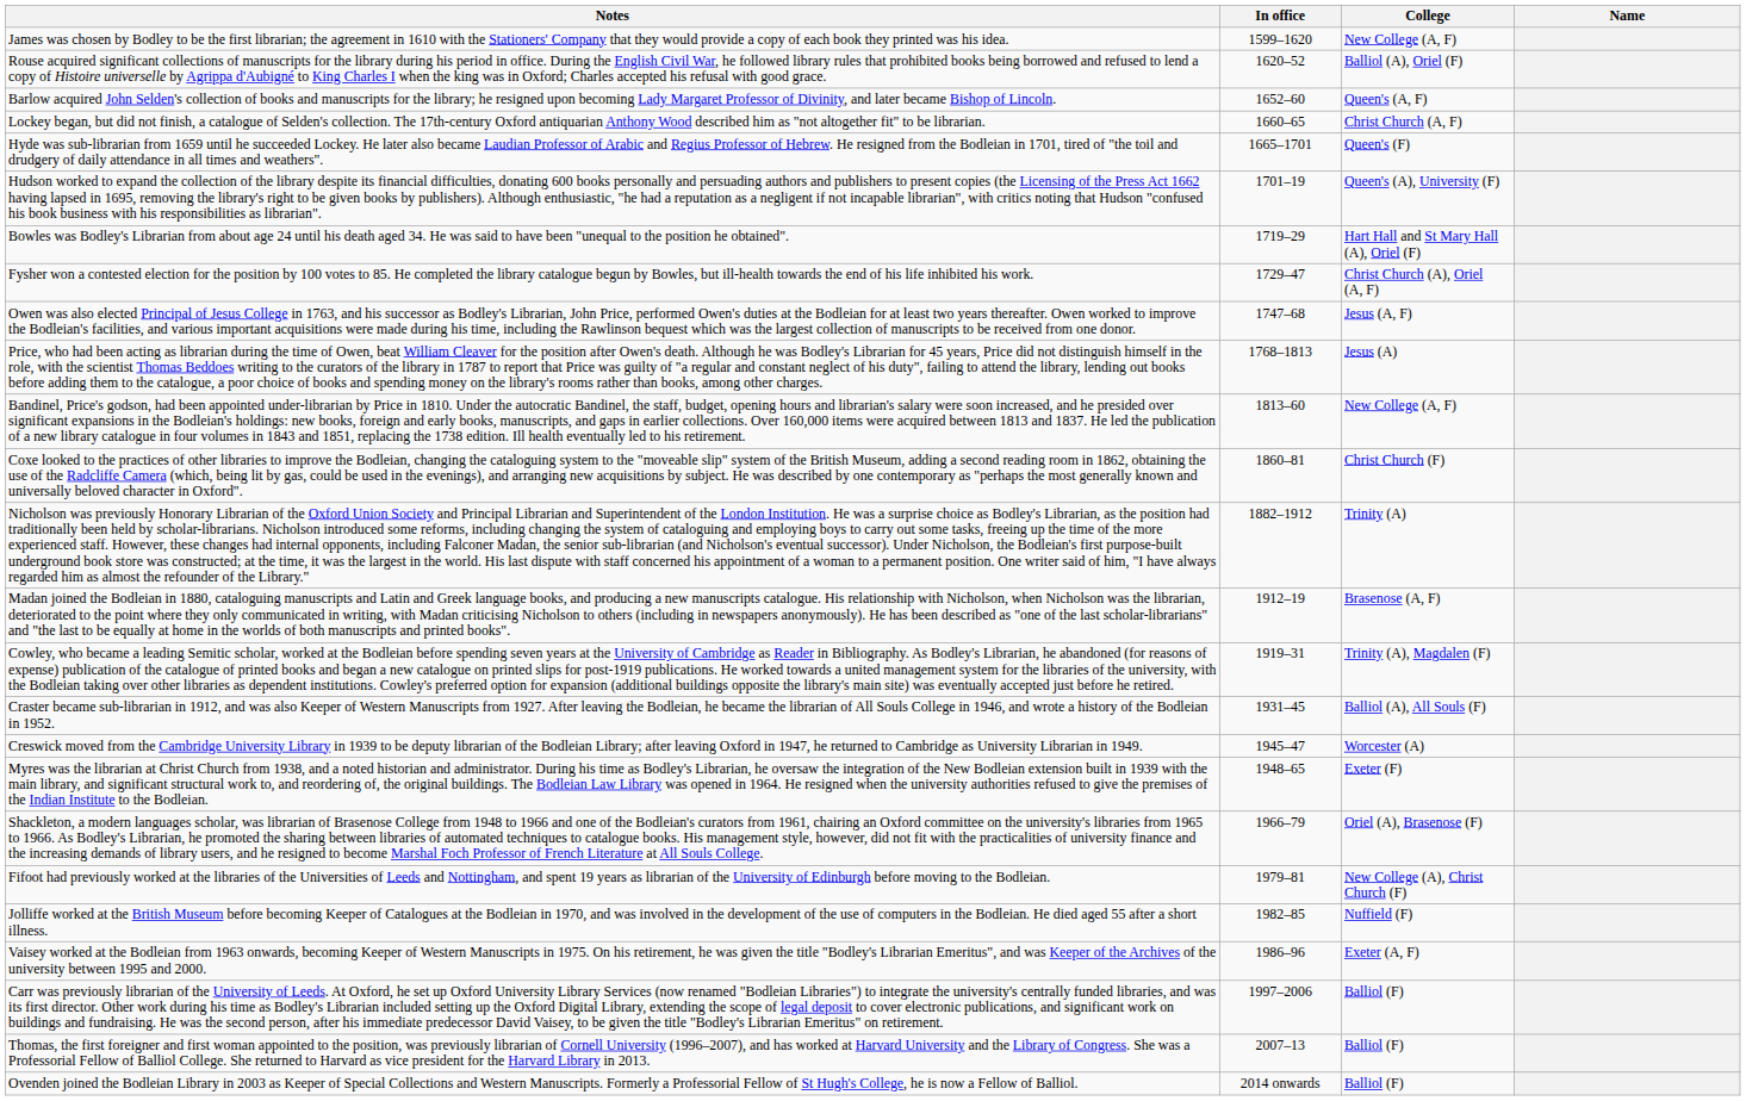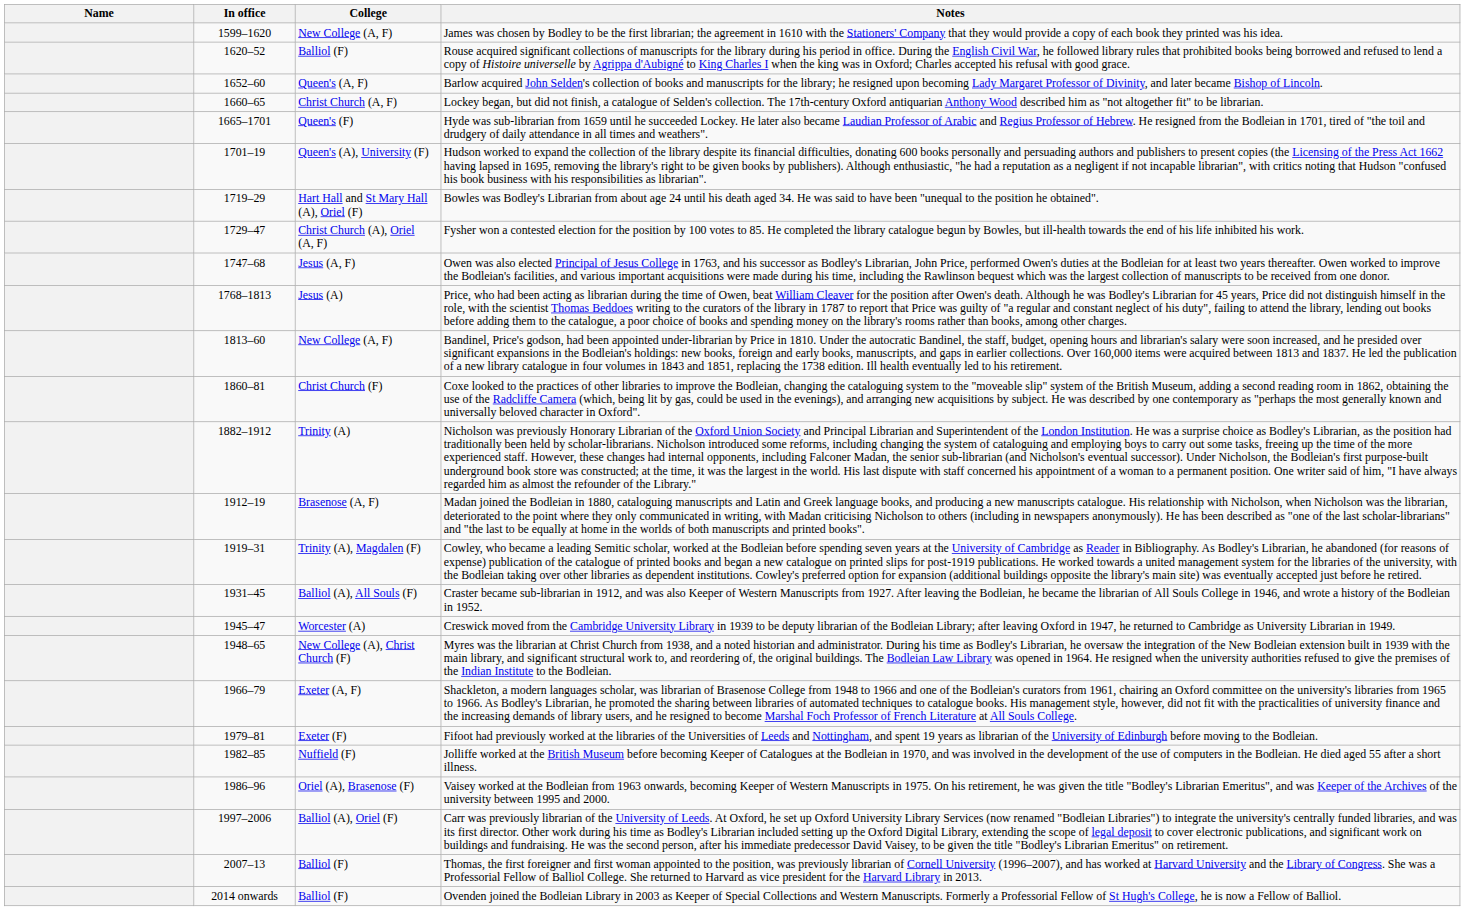 <table class="wikitable sortable plainrowheaders">
 <tr>
-<th scope="col" class="unsortable">Notes</th>
+<th scope="col" width=13%>Name</th>
 <th scope="col" width=7%>In office</th>
 <th scope="col" width=10%>College</th>
-<th scope="col" width=13%>Name</th>
+<th scope="col" class="unsortable">Notes</th>
 </tr>
 <tr valign="top">
-<td>James was chosen by Bodley to be the first librarian; the agreement in 1610 with the <a href='#'>Stationers' Company</a> that they would provide a copy of each book they printed was his idea.</td>
+<th scope="row"></th>
 <td align="center">1599–1620</td>
 <td><a href='#'>New College</a> (A, F)</td>
-<th scope="row"></th>
+<td>James was chosen by Bodley to be the first librarian; the agreement in 1610 with the <a href='#'>Stationers' Company</a> that they would provide a copy of each book they printed was his idea.</td>
 </tr>
 <tr valign="top">
+<th scope="row"></th>
+<td align="center">1620–52</td>
+<td><a href='#'>Balliol</a> (F)</td>
 <td>Rouse acquired significant collections of manuscripts for the library during his period in office. During the <a href='#'>English Civil War</a>, he followed library rules that prohibited books being borrowed and refused to lend a copy of <em>Histoire universelle</em> by <a href='#'>Agrippa d'Aubigné</a> to <a href='#'>King Charles I</a> when the king was in Oxford; Charles accepted his refusal with good grace.</td>
-<td align="center">1620–52</td>
-<td><a href='#'>Balliol</a> (A), <a href='#'>Oriel</a> (F)</td>
-<th scope="row"></th>
 </tr>
 <tr valign="top">
-<td>Barlow acquired <a href='#'>John Selden</a>'s collection of books and manuscripts for the library; he resigned upon becoming <a href='#'>Lady Margaret Professor of Divinity</a>, and later became <a href='#'>Bishop of Lincoln</a>.</td>
+<th scope="row"></th>
 <td align="center">1652–60</td>
 <td><a href='#'>Queen's</a> (A, F)</td>
-<th scope="row"></th>
+<td>Barlow acquired <a href='#'>John Selden</a>'s collection of books and manuscripts for the library; he resigned upon becoming <a href='#'>Lady Margaret Professor of Divinity</a>, and later became <a href='#'>Bishop of Lincoln</a>.</td>
 </tr>
 <tr valign="top">
-<td>Lockey began, but did not finish, a catalogue of Selden's collection. The 17th-century Oxford antiquarian <a href='#'>Anthony Wood</a> described him as "not altogether fit" to be librarian.</td>
+<th scope="row"></th>
 <td align="center">1660–65</td>
 <td><a href='#'>Christ Church</a> (A, F)</td>
-<th scope="row"></th>
+<td>Lockey began, but did not finish, a catalogue of Selden's collection. The 17th-century Oxford antiquarian <a href='#'>Anthony Wood</a> described him as "not altogether fit" to be librarian.</td>
 </tr>
 <tr valign="top">
-<td>Hyde was sub-librarian from 1659 until he succeeded Lockey. He later also became <a href='#'>Laudian Professor of Arabic</a> and <a href='#'>Regius Professor of Hebrew</a>.  He resigned from the Bodleian in 1701, tired of "the toil and drudgery of daily attendance in all times and weathers".</td>
+<th scope="row"></th>
 <td align="center">1665–1701</td>
 <td><a href='#'>Queen's</a> (F)</td>
-<th scope="row"></th>
+<td>Hyde was sub-librarian from 1659 until he succeeded Lockey. He later also became <a href='#'>Laudian Professor of Arabic</a> and <a href='#'>Regius Professor of Hebrew</a>.  He resigned from the Bodleian in 1701, tired of "the toil and drudgery of daily attendance in all times and weathers".</td>
 </tr>
 <tr valign="top">
-<td>Hudson worked to expand the collection of the library despite its financial difficulties, donating 600 books personally and persuading authors and publishers to present copies (the <a href='#'>Licensing of the Press Act 1662</a> having lapsed in 1695, removing the library's right to be given books by publishers). Although enthusiastic, "he had a reputation as a negligent if not incapable librarian", with critics noting that Hudson "confused his book business with his responsibilities as librarian".</td>
+<th scope="row"></th>
 <td align="center">1701–19</td>
 <td><a href='#'>Queen's</a> (A), <a href='#'>University</a> (F)</td>
-<th scope="row"></th>
+<td>Hudson worked to expand the collection of the library despite its financial difficulties, donating 600 books personally and persuading authors and publishers to present copies (the <a href='#'>Licensing of the Press Act 1662</a> having lapsed in 1695, removing the library's right to be given books by publishers). Although enthusiastic, "he had a reputation as a negligent if not incapable librarian", with critics noting that Hudson "confused his book business with his responsibilities as librarian".</td>
 </tr>
 <tr valign="top">
-<td>Bowles was Bodley's Librarian from about age 24 until his death aged 34. He was said to have been "unequal to the position he obtained".</td>
+<th scope="row"></th>
 <td align="center">1719–29</td>
 <td><a href='#'>Hart Hall</a> and <a href='#'>St Mary Hall</a> (A), <a href='#'>Oriel</a> (F)</td>
-<th scope="row"></th>
+<td>Bowles was Bodley's Librarian from about age 24 until his death aged 34. He was said to have been "unequal to the position he obtained".</td>
 </tr>
 <tr valign="top">
-<td>Fysher won a contested election for the position by 100 votes to 85. He completed the library catalogue begun by Bowles, but ill-health towards the end of his life inhibited his work.</td>
+<th scope="row"></th>
 <td align="center">1729–47</td>
 <td><a href='#'>Christ Church</a> (A), <a href='#'>Oriel</a> (A, F)</td>
-<th scope="row"></th>
+<td>Fysher won a contested election for the position by 100 votes to 85. He completed the library catalogue begun by Bowles, but ill-health towards the end of his life inhibited his work.</td>
 </tr>
 <tr valign="top">
-<td>Owen was also elected <a href='#'>Principal of Jesus College</a> in 1763, and his successor as Bodley's Librarian, John Price, performed Owen's duties at the Bodleian for at least two years thereafter.  Owen worked to improve the Bodleian's facilities, and various important acquisitions were made during his time, including the Rawlinson bequest which was the largest collection of manuscripts to be received from one donor.</td>
+<th scope="row"></th>
 <td align="center">1747–68</td>
 <td><a href='#'>Jesus</a> (A, F)</td>
-<th scope="row"></th>
+<td>Owen was also elected <a href='#'>Principal of Jesus College</a> in 1763, and his successor as Bodley's Librarian, John Price, performed Owen's duties at the Bodleian for at least two years thereafter.  Owen worked to improve the Bodleian's facilities, and various important acquisitions were made during his time, including the Rawlinson bequest which was the largest collection of manuscripts to be received from one donor.</td>
 </tr>
 <tr valign="top">
-<td>Price, who had been acting as librarian during the time of Owen, beat <a href='#'>William Cleaver</a> for the position after Owen's death. Although he was Bodley's Librarian for 45 years, Price did not distinguish himself in the role, with the scientist <a href='#'>Thomas Beddoes</a> writing to the curators of the library in 1787 to report that Price was guilty of "a regular and constant neglect of his duty", failing to attend the library, lending out books before adding them to the catalogue, a poor choice of books and spending money on the library's rooms rather than books, among other charges.</td>
+<th scope="row"></th>
 <td align="center">1768–1813</td>
 <td><a href='#'>Jesus</a> (A)</td>
-<th scope="row"></th>
+<td>Price, who had been acting as librarian during the time of Owen, beat <a href='#'>William Cleaver</a> for the position after Owen's death. Although he was Bodley's Librarian for 45 years, Price did not distinguish himself in the role, with the scientist <a href='#'>Thomas Beddoes</a> writing to the curators of the library in 1787 to report that Price was guilty of "a regular and constant neglect of his duty", failing to attend the library, lending out books before adding them to the catalogue, a poor choice of books and spending money on the library's rooms rather than books, among other charges.</td>
 </tr>
 <tr valign="top">
-<td>Bandinel, Price's godson, had been appointed under-librarian by Price in 1810. Under the autocratic Bandinel, the staff, budget, opening hours and librarian's salary were soon increased, and he presided over significant expansions in the Bodleian's holdings: new books, foreign and early books, manuscripts, and gaps in earlier collections. Over 160,000 items were acquired between 1813 and 1837.  He led the publication of a new library catalogue in four volumes in 1843 and 1851, replacing the 1738 edition.  Ill health eventually led to his retirement.</td>
+<th scope="row"></th>
 <td align="center">1813–60</td>
 <td><a href='#'>New College</a> (A, F)</td>
-<th scope="row"></th>
+<td>Bandinel, Price's godson, had been appointed under-librarian by Price in 1810. Under the autocratic Bandinel, the staff, budget, opening hours and librarian's salary were soon increased, and he presided over significant expansions in the Bodleian's holdings: new books, foreign and early books, manuscripts, and gaps in earlier collections. Over 160,000 items were acquired between 1813 and 1837.  He led the publication of a new library catalogue in four volumes in 1843 and 1851, replacing the 1738 edition.  Ill health eventually led to his retirement.</td>
 </tr>
 <tr valign="top">
-<td>Coxe looked to the practices of other libraries to improve the Bodleian, changing the cataloguing system to the "moveable slip" system of the British Museum, adding a second reading room in 1862, obtaining the use of the <a href='#'>Radcliffe Camera</a> (which, being lit by gas, could be used in the evenings), and arranging new acquisitions by subject. He was described by one contemporary as "perhaps the most generally known and universally beloved character in Oxford".</td>
+<th scope="row"></th>
 <td align="center">1860–81</td>
 <td><a href='#'>Christ Church</a> (F)</td>
-<th scope="row"></th>
+<td>Coxe looked to the practices of other libraries to improve the Bodleian, changing the cataloguing system to the "moveable slip" system of the British Museum, adding a second reading room in 1862, obtaining the use of the <a href='#'>Radcliffe Camera</a> (which, being lit by gas, could be used in the evenings), and arranging new acquisitions by subject. He was described by one contemporary as "perhaps the most generally known and universally beloved character in Oxford".</td>
 </tr>
 <tr valign="top">
-<td>Nicholson was previously Honorary Librarian of the <a href='#'>Oxford Union Society</a> and Principal Librarian and Superintendent of the <a href='#'>London Institution</a>.  He was a surprise choice as Bodley's Librarian, as the position had traditionally been held by scholar-librarians.  Nicholson introduced some reforms, including changing the system of cataloguing and employing boys to carry out some tasks, freeing up the time of the more experienced staff. However, these changes had internal opponents, including Falconer Madan, the senior sub-librarian (and Nicholson's eventual successor). Under Nicholson, the Bodleian's first purpose-built underground book store was constructed; at the time, it was the largest in the world. His last dispute with staff concerned his appointment of a woman to a permanent position. One writer said of him, "I have always regarded him as almost the refounder of the Library."</td>
+<th scope="row"></th>
 <td align="center">1882–1912</td>
 <td><a href='#'>Trinity</a> (A)</td>
-<th scope="row"></th>
+<td>Nicholson was previously Honorary Librarian of the <a href='#'>Oxford Union Society</a> and Principal Librarian and Superintendent of the <a href='#'>London Institution</a>.  He was a surprise choice as Bodley's Librarian, as the position had traditionally been held by scholar-librarians.  Nicholson introduced some reforms, including changing the system of cataloguing and employing boys to carry out some tasks, freeing up the time of the more experienced staff. However, these changes had internal opponents, including Falconer Madan, the senior sub-librarian (and Nicholson's eventual successor). Under Nicholson, the Bodleian's first purpose-built underground book store was constructed; at the time, it was the largest in the world. His last dispute with staff concerned his appointment of a woman to a permanent position. One writer said of him, "I have always regarded him as almost the refounder of the Library."</td>
 </tr>
 <tr valign="top">
-<td>Madan joined the Bodleian in 1880, cataloguing manuscripts and Latin and Greek language books, and producing a new manuscripts catalogue. His relationship with Nicholson, when Nicholson was the librarian, deteriorated to the point where they only communicated in writing, with Madan criticising Nicholson to others (including in newspapers anonymously). He has been described as "one of the last scholar-librarians" and "the last to be equally at home in the worlds of both manuscripts and printed books".</td>
+<th scope="row"></th>
 <td align="center">1912–19</td>
 <td><a href='#'>Brasenose</a> (A, F)</td>
-<th scope="row"></th>
+<td>Madan joined the Bodleian in 1880, cataloguing manuscripts and Latin and Greek language books, and producing a new manuscripts catalogue. His relationship with Nicholson, when Nicholson was the librarian, deteriorated to the point where they only communicated in writing, with Madan criticising Nicholson to others (including in newspapers anonymously). He has been described as "one of the last scholar-librarians" and "the last to be equally at home in the worlds of both manuscripts and printed books".</td>
 </tr>
 <tr valign="top">
-<td>Cowley, who became a leading Semitic scholar, worked at the Bodleian before spending seven years at the <a href='#'>University of Cambridge</a> as <a href='#'>Reader</a> in Bibliography. As Bodley's Librarian, he abandoned (for reasons of expense) publication of the catalogue of printed books and began a new catalogue on printed slips for post-1919 publications.  He worked towards a united management system for the libraries of the university, with the Bodleian taking over other libraries as dependent institutions. Cowley's preferred option for expansion (additional buildings opposite the library's main site) was eventually accepted just before he retired.</td>
+<th scope="row"></th>
 <td align="center">1919–31</td>
 <td><a href='#'>Trinity</a> (A), <a href='#'>Magdalen</a> (F)</td>
-<th scope="row"></th>
+<td>Cowley, who became a leading Semitic scholar, worked at the Bodleian before spending seven years at the <a href='#'>University of Cambridge</a> as <a href='#'>Reader</a> in Bibliography. As Bodley's Librarian, he abandoned (for reasons of expense) publication of the catalogue of printed books and began a new catalogue on printed slips for post-1919 publications.  He worked towards a united management system for the libraries of the university, with the Bodleian taking over other libraries as dependent institutions. Cowley's preferred option for expansion (additional buildings opposite the library's main site) was eventually accepted just before he retired.</td>
 </tr>
 <tr valign="top">
-<td>Craster became sub-librarian in 1912, and was also Keeper of Western Manuscripts from 1927.  After leaving the Bodleian, he became the librarian of All Souls College in 1946, and wrote a history of the Bodleian in 1952.</td>
+<th scope="row"></th>
 <td align="center">1931–45</td>
 <td><a href='#'>Balliol</a> (A), <a href='#'>All Souls</a> (F)</td>
-<th scope="row"></th>
+<td>Craster became sub-librarian in 1912, and was also Keeper of Western Manuscripts from 1927.  After leaving the Bodleian, he became the librarian of All Souls College in 1946, and wrote a history of the Bodleian in 1952.</td>
 </tr>
 <tr valign="top">
-<td>Creswick moved from the <a href='#'>Cambridge University Library</a> in 1939 to be deputy librarian of the Bodleian Library; after leaving Oxford in 1947, he returned to Cambridge as University Librarian in 1949.</td>
+<th scope="row"></th>
 <td align="center">1945–47</td>
 <td><a href='#'>Worcester</a> (A)</td>
-<th scope="row"></th>
+<td>Creswick moved from the <a href='#'>Cambridge University Library</a> in 1939 to be deputy librarian of the Bodleian Library; after leaving Oxford in 1947, he returned to Cambridge as University Librarian in 1949.</td>
 </tr>
 <tr valign="top">
+<th scope="row"></th>
+<td align="center">1948–65</td>
+<td><a href='#'>New College</a> (A), <a href='#'>Christ Church</a> (F)</td>
 <td>Myres was the librarian at Christ Church from 1938, and a noted historian and administrator.  During his time as Bodley's Librarian, he oversaw the integration of the New Bodleian extension built in 1939 with the main library, and significant structural work to, and reordering of, the original buildings. The <a href='#'>Bodleian Law Library</a> was opened in 1964. He resigned when the university authorities refused to give the premises of the <a href='#'>Indian Institute</a> to the Bodleian.</td>
-<td align="center">1948–65</td>
-<td><a href='#'>Exeter</a> (F)</td>
-<th scope="row"></th>
 </tr>
 <tr valign="top">
+<th scope="row"></th>
+<td align="center">1966–79</td>
+<td><a href='#'>Exeter</a> (A, F)</td>
 <td>Shackleton, a modern languages scholar, was librarian of Brasenose College from 1948 to 1966 and one of the Bodleian's curators from 1961, chairing an Oxford committee on the university's libraries from 1965 to 1966. As Bodley's Librarian, he promoted the sharing between libraries of automated techniques to catalogue books. His management style, however, did not fit with the practicalities of university finance and the increasing demands of library users, and he resigned to become <a href='#'>Marshal Foch Professor of French Literature</a> at <a href='#'>All Souls College</a>.</td>
-<td align="center">1966–79</td>
-<td><a href='#'>Oriel</a> (A), <a href='#'>Brasenose</a> (F)</td>
-<th scope="row"></th>
 </tr>
 <tr valign="top">
+<th scope="row"></th>
+<td align="center">1979–81</td>
+<td><a href='#'>Exeter</a> (F)</td>
 <td>Fifoot had previously worked at the libraries of the Universities of <a href='#'>Leeds</a> and <a href='#'>Nottingham</a>, and spent 19 years as librarian of the <a href='#'>University of Edinburgh</a> before moving to the Bodleian.</td>
-<td align="center">1979–81</td>
-<td><a href='#'>New College</a> (A), <a href='#'>Christ Church</a> (F)</td>
-<th scope="row"></th>
 </tr>
 <tr valign="top">
-<td>Jolliffe worked at the <a href='#'>British Museum</a> before becoming Keeper of Catalogues at the Bodleian in 1970, and was involved in the development of the use of computers in the Bodleian.  He died aged 55 after a short illness.</td>
+<th scope="row"></th>
 <td align="center">1982–85</td>
 <td><a href='#'>Nuffield</a> (F)</td>
-<th scope="row"></th>
+<td>Jolliffe worked at the <a href='#'>British Museum</a> before becoming Keeper of Catalogues at the Bodleian in 1970, and was involved in the development of the use of computers in the Bodleian.  He died aged 55 after a short illness.</td>
 </tr>
 <tr valign="top">
+<th scope="row"></th>
+<td align="center">1986–96</td>
+<td><a href='#'>Oriel</a> (A), <a href='#'>Brasenose</a> (F)</td>
 <td>Vaisey worked at the Bodleian from 1963 onwards, becoming Keeper of Western Manuscripts in 1975.  On his retirement, he was given the title "Bodley's Librarian Emeritus", and was <a href='#'>Keeper of the Archives</a> of the university between 1995 and 2000.</td>
-<td align="center">1986–96</td>
-<td><a href='#'>Exeter</a> (A, F)</td>
-<th scope="row"></th>
 </tr>
 <tr valign="top">
+<th scope="row"></th>
+<td align="center">1997–2006</td>
+<td><a href='#'>Balliol</a> (A), <a href='#'>Oriel</a> (F)</td>
 <td>Carr was previously librarian of the <a href='#'>University of Leeds</a>. At Oxford, he set up Oxford University Library Services (now renamed "Bodleian Libraries") to integrate the university's centrally funded libraries, and was its first director.  Other work during his time as Bodley's Librarian included setting up the Oxford Digital Library, extending the scope of <a href='#'>legal deposit</a> to cover electronic publications, and significant work on buildings and fundraising. He was the second person, after his immediate predecessor David Vaisey, to be given the title "Bodley's Librarian Emeritus" on retirement.</td>
-<td align="center">1997–2006</td>
-<td><a href='#'>Balliol</a> (F)</td>
-<th scope="row"></th>
 </tr>
 <tr valign="top">
-<td>Thomas, the first foreigner and first woman appointed to the position, was previously librarian of <a href='#'>Cornell University</a> (1996–2007), and has worked at <a href='#'>Harvard University</a> and the <a href='#'>Library of Congress</a>. She was a Professorial Fellow of Balliol College. She returned to Harvard as vice president for the <a href='#'>Harvard Library</a> in 2013.</td>
+<th scope="row"></th>
 <td align="center">2007–13</td>
 <td><a href='#'>Balliol</a> (F)</td>
-<th scope="row"></th>
+<td>Thomas, the first foreigner and first woman appointed to the position, was previously librarian of <a href='#'>Cornell University</a> (1996–2007), and has worked at <a href='#'>Harvard University</a> and the <a href='#'>Library of Congress</a>. She was a Professorial Fellow of Balliol College. She returned to Harvard as vice president for the <a href='#'>Harvard Library</a> in 2013.</td>
 </tr>
 <tr valign="top">
-<td>Ovenden joined the Bodleian Library in 2003 as Keeper of Special Collections and Western Manuscripts. Formerly a Professorial Fellow of <a href='#'>St Hugh's College</a>, he is now a Fellow of Balliol.</td>
+<th scope="row"></th>
 <td align="center">2014 onwards</td>
 <td><a href='#'>Balliol</a> (F)</td>
-<th scope="row"></th>
+<td>Ovenden joined the Bodleian Library in 2003 as Keeper of Special Collections and Western Manuscripts. Formerly a Professorial Fellow of <a href='#'>St Hugh's College</a>, he is now a Fellow of Balliol.</td>
 </tr>
 </table>
